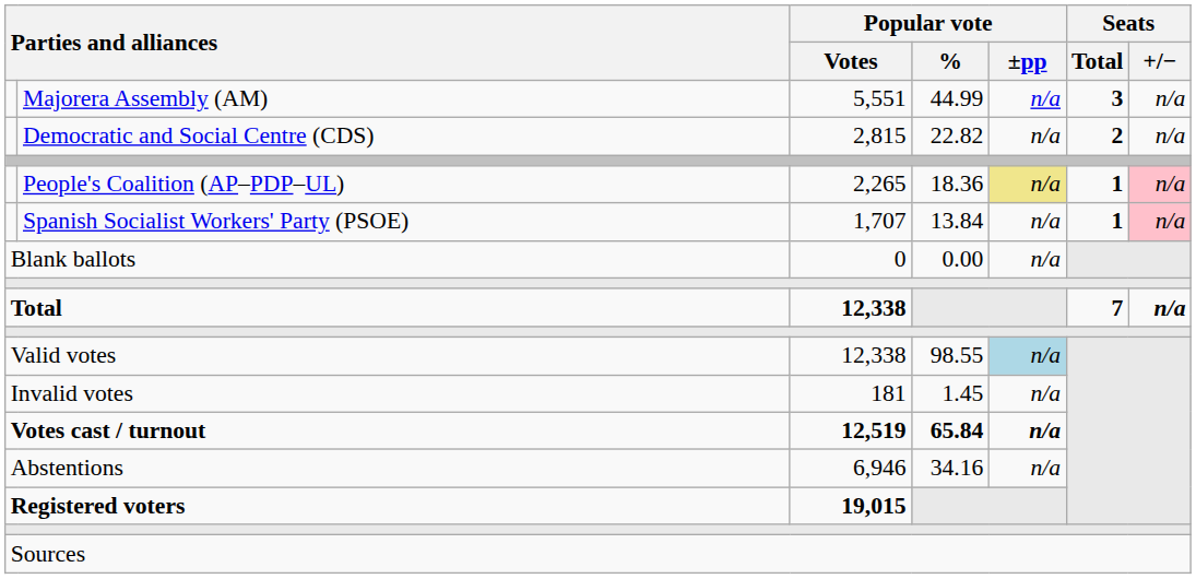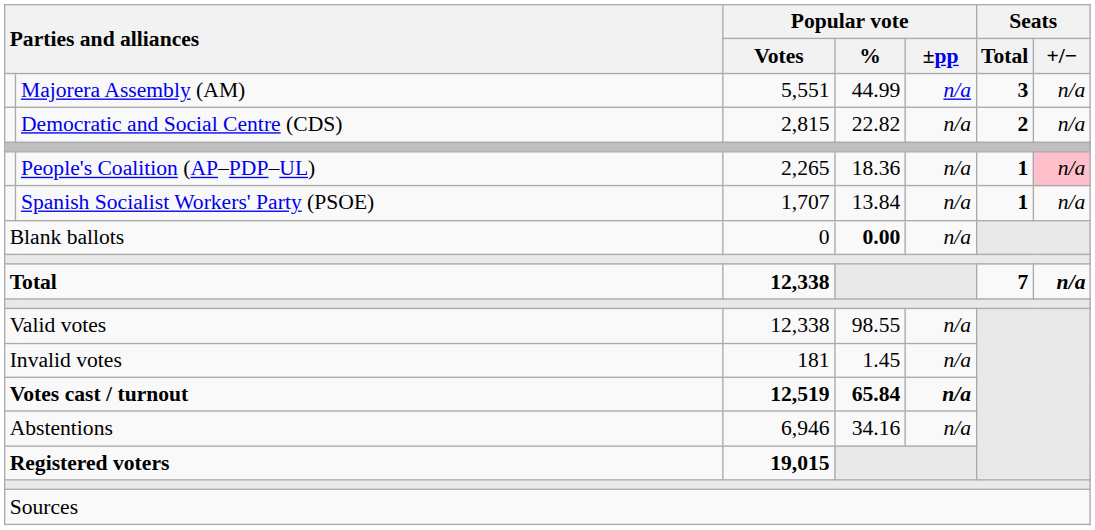 <table class="wikitable" style="text-align:right;">
 <tr>
 <th style="text-align:left;" rowspan="2" colspan="2" width="525">Parties and alliances</th>
 <th colspan="3">Popular vote</th>
 <th colspan="2">Seats</th>
 </tr>
 <tr>
 <th width="75">Votes</th>
 <th width="45">%</th>
 <th width="45">±<a href='#'>pp</a></th>
 <th width="35">Total</th>
 <th width="35">+/−</th>
 </tr>
 <tr>
 <td width="1" style="color:inherit;background:"></td>
 <td align="left"><a href='#'>Majorera Assembly</a> (AM)</td>
 <td>5,551</td>
 <td>44.99</td>
 <td><em><a href='#'>n/a</a></em></td>
 <td><strong>3</strong></td>
 <td><em>n/a</em></td>
 </tr>
 <tr>
 <td style="color:inherit;background:"></td>
 <td align="left"><a href='#'>Democratic and Social Centre</a> (CDS)</td>
 <td>2,815</td>
 <td>22.82</td>
 <td><em>n/a</em></td>
 <td><strong>2</strong></td>
 <td><em>n/a</em></td>
 </tr>
 <tr>
 <td colspan="7" bgcolor="#C0C0C0"></td>
 </tr>
 <tr>
 <td style="color:inherit;background:"></td>
 <td align="left"><a href='#'>People's Coalition</a> (<a href='#'>AP</a>–<a href='#'>PDP</a>–<a href='#'>UL</a>)</td>
 <td>2,265</td>
 <td>18.36</td>
-<td style="background: khaki;"><em>n/a</em></td>
+<td><em>n/a</em></td>
 <td><strong>1</strong></td>
 <td style="background: pink;"><em>n/a</em></td>
 </tr>
 <tr>
 <td width="1" style="color:inherit;background:"></td>
 <td align="left"><a href='#'>Spanish Socialist Workers' Party</a> (PSOE)</td>
 <td>1,707</td>
 <td>13.84</td>
 <td><em>n/a</em></td>
 <td><strong>1</strong></td>
-<td style="background: pink;"><em>n/a</em></td>
+<td><em>n/a</em></td>
 </tr>
 <tr>
 <td align="left" colspan="2">Blank ballots</td>
 <td>0</td>
-<td>0.00</td>
+<td><strong>0.00</strong></td>
 <td><em>n/a</em></td>
 <td bgcolor="#E9E9E9" colspan="2"></td>
 </tr>
 <tr>
 <td colspan="7" bgcolor="#E9E9E9"></td>
 </tr>
 <tr style="font-weight:bold;">
 <td align="left" colspan="2">Total</td>
 <td>12,338</td>
 <td bgcolor="#E9E9E9" colspan="2"></td>
 <td>7</td>
 <td><em>n/a</em></td>
 </tr>
 <tr>
 <td colspan="7" bgcolor="#E9E9E9"></td>
 </tr>
 <tr>
 <td align="left" colspan="2">Valid votes</td>
 <td>12,338</td>
 <td>98.55</td>
-<td style="background: lightblue;"><em>n/a</em></td>
+<td><em>n/a</em></td>
 <td bgcolor="#E9E9E9" colspan="2" rowspan="5"></td>
 </tr>
 <tr>
 <td align="left" colspan="2">Invalid votes</td>
 <td>181</td>
 <td>1.45</td>
 <td><em>n/a</em></td>
 </tr>
 <tr style="font-weight:bold;">
 <td align="left" colspan="2">Votes cast / turnout</td>
 <td>12,519</td>
 <td>65.84</td>
 <td><em>n/a</em></td>
 </tr>
 <tr>
 <td align="left" colspan="2">Abstentions</td>
 <td>6,946</td>
 <td>34.16</td>
 <td><em>n/a</em></td>
 </tr>
 <tr style="font-weight:bold;">
 <td align="left" colspan="2">Registered voters</td>
 <td>19,015</td>
 <td bgcolor="#E9E9E9" colspan="2"></td>
 </tr>
 <tr>
 <td colspan="7" bgcolor="#E9E9E9"></td>
 </tr>
 <tr>
 <td align="left" colspan="7">Sources</td>
 </tr>
 </table>
